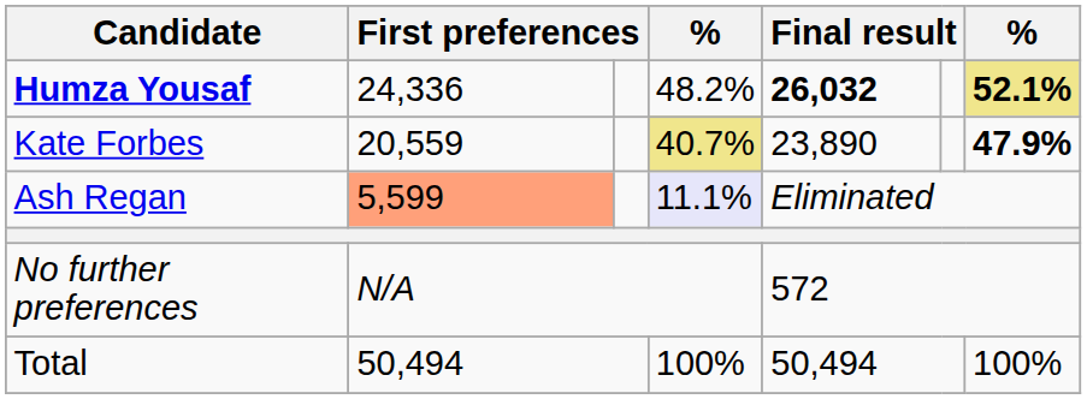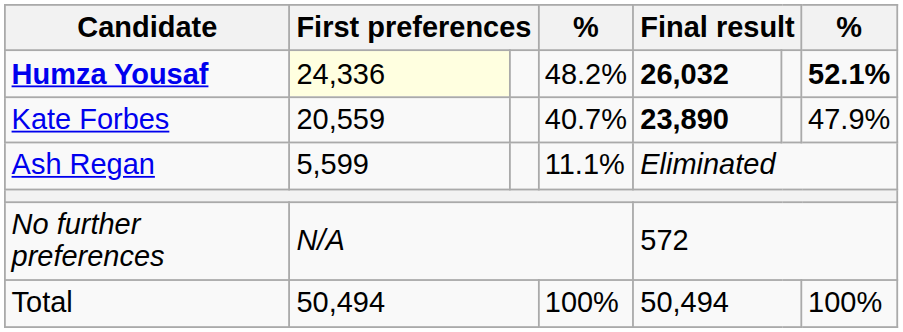 <table class="wikitable">
 <tr>
 <th style="width:150px;">Candidate</th>
 <th colspan=2>First preferences</th>
 <th>%</th>
 <th colspan=2>Final result</th>
 <th>%</th>
 </tr>
 <tr>
 <td><strong><a href='#'>Humza Yousaf</a></strong></td>
-<td>24,336</td>
+<td style="background: lightyellow;">24,336</td>
 <td style="text-align:center;"></td>
 <td>48.2%</td>
 <td><strong>26,032</strong></td>
 <td style="text-align:center;"></td>
-<td style="background: khaki;"><strong>52.1%</strong></td>
+<td><strong>52.1%</strong></td>
 </tr>
 <tr>
 <td><a href='#'>Kate Forbes</a></td>
 <td>20,559</td>
 <td style="text-align:center;"></td>
-<td style="background: khaki;">40.7%</td>
-<td>23,890</td>
+<td>40.7%</td>
+<td><strong>23,890</strong></td>
 <td style="text-align:center;"></td>
-<td><strong>47.9%</strong></td>
+<td>47.9%</td>
 </tr>
 <tr>
 <td><a href='#'>Ash Regan</a></td>
-<td style="background: lightsalmon;">5,599</td>
+<td>5,599</td>
 <td style="text-align:center;"></td>
-<td style="background: lavender;">11.1%</td>
+<td>11.1%</td>
 <td colspan=3><em>Eliminated</em></td>
 </tr>
 <tr>
 <th colspan="7"></th>
 </tr>
 <tr>
 <td><em>No further preferences</em></td>
 <td colspan="3"><em>N/A</em></td>
 <td colspan="3">572</td>
 </tr>
 <tr>
 <td>Total</td>
 <td colspan="2">50,494</td>
 <td>100%</td>
 <td colspan="2">50,494</td>
 <td>100%</td>
 </tr>
 </table>
